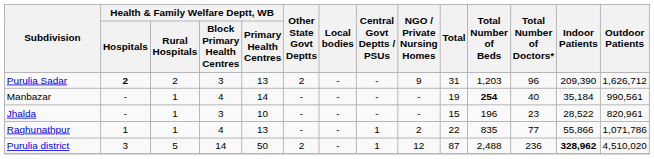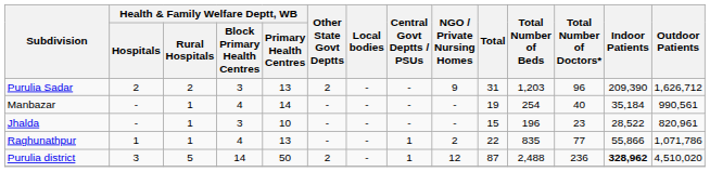 <table class="wikitable" style="text-align:center;font-size: 9pt">
 <tr>
 <th width="110" rowspan="2">Subdivision</th>
 <th width="160" colspan="4" rowspan="1">Health & Family Welfare Deptt, WB</th>
 <th widthspan="110" rowspan="2">Other<br>State<br>Govt<br>Deptts</th>
 <th widthspan="110" rowspan="2">Local<br>bodies</th>
 <th widthspan="110" rowspan="2">Central<br>Govt<br>Deptts /<br>PSUs</th>
 <th widthspan="110" rowspan="2">NGO /<br>Private<br>Nursing<br>Homes</th>
 <th widthspan="110" rowspan="2">Total</th>
 <th widthspan="110" rowspan="2">Total<br>Number<br>of<br>Beds</th>
 <th widthspan="110" rowspan="2">Total<br>Number<br>of<br>Doctors*</th>
 <th widthspan="130" rowspan="2">Indoor<br>Patients</th>
 <th widthspan="130" rowspan="2">Outdoor<br>Patients</th>
 </tr>
 <tr>
 <th width="40">Hospitals<br></th>
 <th width="40">Rural<br>Hospitals<br></th>
 <th width="40">Block<br>Primary<br>Health<br>Centres<br></th>
 <th width="40">Primary<br>Health<br>Centres<br></th>
 </tr>
 <tr>
 <td align=left><a href='#'>Purulia Sadar</a></td>
-<td align="center"><strong>2</strong></td>
+<td align="center">2</td>
 <td align="center">2</td>
 <td align="center">3</td>
 <td align="center">13</td>
 <td align="center">2</td>
 <td align="center">-</td>
 <td align="center">-</td>
 <td align="center">9</td>
 <td align="center">31</td>
 <td align="center">1,203</td>
 <td align="center">96</td>
 <td align="center">209,390</td>
 <td align="center">1,626,712</td>
 </tr>
 <tr>
 <td align=left>Manbazar</td>
 <td align="center">-</td>
 <td align="center">1</td>
 <td align="center">4</td>
 <td align="center">14</td>
 <td align="center">-</td>
 <td align="center">-</td>
 <td align="center">-</td>
 <td align="center">-</td>
 <td align="center">19</td>
-<td align="center"><strong>254</strong></td>
+<td align="center">254</td>
 <td align="center">40</td>
 <td align="center">35,184</td>
 <td align="center">990,561</td>
 </tr>
 <tr>
 <td align=left><a href='#'>Jhalda</a></td>
 <td align="center">-</td>
 <td align="center">1</td>
 <td align="center">3</td>
 <td align="center">10</td>
 <td align="center">-</td>
 <td align="center">-</td>
 <td align="center">-</td>
 <td align="center">-</td>
 <td align="center">15</td>
 <td align="center">196</td>
 <td align="center">23</td>
 <td align="center">28,522</td>
 <td align="center">820,961</td>
 </tr>
 <tr>
 <td align=left><a href='#'>Raghunathpur</a></td>
 <td align="center">1</td>
 <td align="center">1</td>
 <td align="center">4</td>
 <td align="center">13</td>
 <td align="center">-</td>
 <td align="center">-</td>
 <td align="center">1</td>
 <td align="center">2</td>
 <td align="center">22</td>
 <td align="center">835</td>
 <td align="center">77</td>
 <td align="center">55,866</td>
 <td align="center">1,071,786</td>
 </tr>
 <tr>
 <td align=left><a href='#'>Purulia district</a></td>
 <td align="center">3</td>
 <td align="center">5</td>
 <td align="center">14</td>
 <td align="center">50</td>
 <td align="center">2</td>
 <td align="center">-</td>
 <td align="center">1</td>
 <td align="center">12</td>
 <td align="center">87</td>
 <td align="center">2,488</td>
 <td align="center">236</td>
 <td align="center"><strong>328,962</strong></td>
 <td align="center">4,510,020</td>
 </tr>
 <tr>
 </tr>
 </table>
